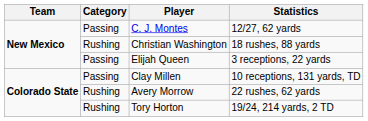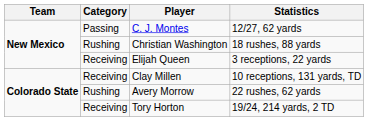 <table class="wikitable" style="float: left;">
 <tr>
 <th>Team</th>
 <th>Category</th>
 <th>Player</th>
 <th>Statistics</th>
 </tr>
 <tr>
 <td rowspan=3><strong>New Mexico</strong></td>
 <td>Passing</td>
 <td><a href='#'>C. J. Montes</a></td>
 <td>12/27, 62 yards</td>
 </tr>
 <tr>
 <td>Rushing</td>
 <td>Christian Washington</td>
 <td>18 rushes, 88 yards</td>
 </tr>
 <tr>
-<td>Passing</td>
+<td>Receiving</td>
 <td>Elijah Queen</td>
 <td>3 receptions, 22 yards</td>
 </tr>
 <tr>
 <td rowspan=3><strong>Colorado State</strong></td>
-<td>Passing</td>
+<td>Receiving</td>
 <td>Clay Millen</td>
 <td>10 receptions, 131 yards, TD</td>
 </tr>
 <tr>
 <td>Rushing</td>
 <td>Avery Morrow</td>
 <td>22 rushes, 62 yards</td>
 </tr>
 <tr>
-<td>Rushing</td>
+<td>Receiving</td>
 <td>Tory Horton</td>
 <td>19/24, 214 yards, 2 TD</td>
 </tr>
 </table>
